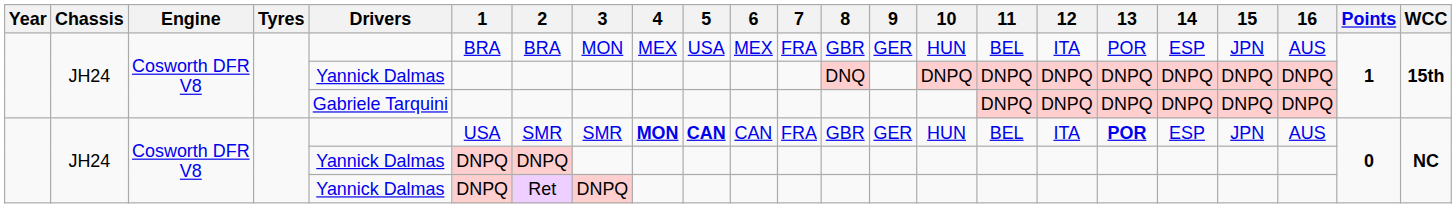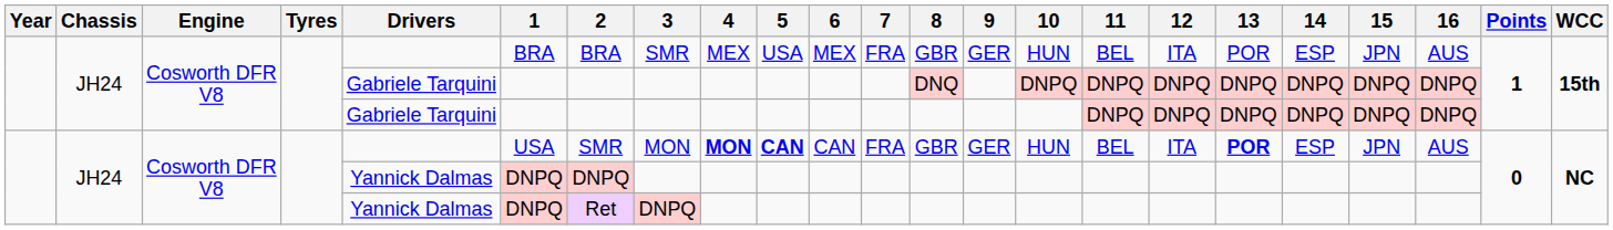 <table class="wikitable" style="text-align:center; font-size:95%">
 <tr>
 <th>Year</th>
 <th>Chassis</th>
 <th>Engine</th>
 <th>Tyres</th>
 <th>Drivers</th>
 <th>1</th>
 <th>2</th>
 <th>3</th>
 <th>4</th>
 <th>5</th>
 <th>6</th>
 <th>7</th>
 <th>8</th>
 <th>9</th>
 <th>10</th>
 <th>11</th>
 <th>12</th>
 <th>13</th>
 <th>14</th>
 <th>15</th>
 <th>16</th>
 <th><a href='#'>Points</a></th>
 <th>WCC</th>
 </tr>
 <tr>
 <td rowspan="3"></td>
 <td rowspan="3">JH24</td>
 <td rowspan="3"><a href='#'>Cosworth DFR</a><br><a href='#'>V8</a></td>
 <td rowspan="3"></td>
 <td></td>
 <td><a href='#'>BRA</a></td>
 <td><a href='#'>BRA</a></td>
-<td><a href='#'>MON</a></td>
+<td><a href='#'>SMR</a></td>
 <td><a href='#'>MEX</a></td>
 <td><a href='#'>USA</a></td>
 <td><a href='#'>MEX</a></td>
 <td><a href='#'>FRA</a></td>
 <td><a href='#'>GBR</a></td>
 <td><a href='#'>GER</a></td>
 <td><a href='#'>HUN</a></td>
 <td><a href='#'>BEL</a></td>
 <td><a href='#'>ITA</a></td>
 <td><a href='#'>POR</a></td>
 <td><a href='#'>ESP</a></td>
 <td><a href='#'>JPN</a></td>
 <td><a href='#'>AUS</a></td>
 <td rowspan="3"><strong>1</strong></td>
 <td rowspan="3"><strong>15th</strong></td>
 </tr>
 <tr>
-<td><a href='#'>Yannick Dalmas</a></td>
+<td><a href='#'>Gabriele Tarquini</a></td>
 <td></td>
 <td></td>
 <td></td>
 <td></td>
 <td></td>
 <td></td>
 <td></td>
 <td style="background:#FFCFCF;">DNQ</td>
 <td></td>
 <td style="background:#FFCFCF;">DNPQ</td>
 <td style="background:#FFCFCF;">DNPQ</td>
 <td style="background:#FFCFCF;">DNPQ</td>
 <td style="background:#FFCFCF;">DNPQ</td>
 <td style="background:#FFCFCF;">DNPQ</td>
 <td style="background:#FFCFCF;">DNPQ</td>
 <td style="background:#FFCFCF;">DNPQ</td>
 </tr>
 <tr>
 <td><a href='#'>Gabriele Tarquini</a></td>
 <td></td>
 <td></td>
 <td></td>
 <td></td>
 <td></td>
 <td></td>
 <td></td>
 <td></td>
 <td></td>
 <td></td>
 <td style="background:#FFCFCF;">DNPQ</td>
 <td style="background:#FFCFCF;">DNPQ</td>
 <td style="background:#FFCFCF;">DNPQ</td>
 <td style="background:#FFCFCF;">DNPQ</td>
 <td style="background:#FFCFCF;">DNPQ</td>
 <td style="background:#FFCFCF;">DNPQ</td>
 </tr>
 <tr>
 <td rowspan="3"></td>
 <td rowspan="3">JH24</td>
 <td rowspan="3"><a href='#'>Cosworth DFR</a><br><a href='#'>V8</a></td>
 <td rowspan="3"></td>
 <td></td>
 <td><a href='#'>USA</a></td>
 <td><a href='#'>SMR</a></td>
-<td><a href='#'>SMR</a></td>
+<td><a href='#'>MON</a></td>
 <td><strong><a href='#'>MON</a></strong></td>
 <td><strong><a href='#'>CAN</a></strong></td>
 <td><a href='#'>CAN</a></td>
 <td><a href='#'>FRA</a></td>
 <td><a href='#'>GBR</a></td>
 <td><a href='#'>GER</a></td>
 <td><a href='#'>HUN</a></td>
 <td><a href='#'>BEL</a></td>
 <td><a href='#'>ITA</a></td>
 <td><strong><a href='#'>POR</a></strong></td>
 <td><a href='#'>ESP</a></td>
 <td><a href='#'>JPN</a></td>
 <td><a href='#'>AUS</a></td>
 <td rowspan="3"><strong>0</strong></td>
 <td rowspan="3"><strong>NC</strong></td>
 </tr>
 <tr>
 <td><a href='#'>Yannick Dalmas</a></td>
 <td style="background:#FFCFCF;">DNPQ</td>
 <td style="background:#FFCFCF;">DNPQ</td>
 <td></td>
 <td></td>
 <td></td>
 <td></td>
 <td></td>
 <td></td>
 <td></td>
 <td></td>
 <td></td>
 <td></td>
 <td></td>
 <td></td>
 <td></td>
 <td></td>
 </tr>
 <tr>
 <td><a href='#'>Yannick Dalmas</a></td>
 <td style="background:#FFCFCF;">DNPQ</td>
 <td style="background:#EFCFFF;">Ret</td>
 <td style="background:#FFCFCF;">DNPQ</td>
 <td></td>
 <td></td>
 <td></td>
 <td></td>
 <td></td>
 <td></td>
 <td></td>
 <td></td>
 <td></td>
 <td></td>
 <td></td>
 <td></td>
 <td></td>
 </tr>
 </table>
